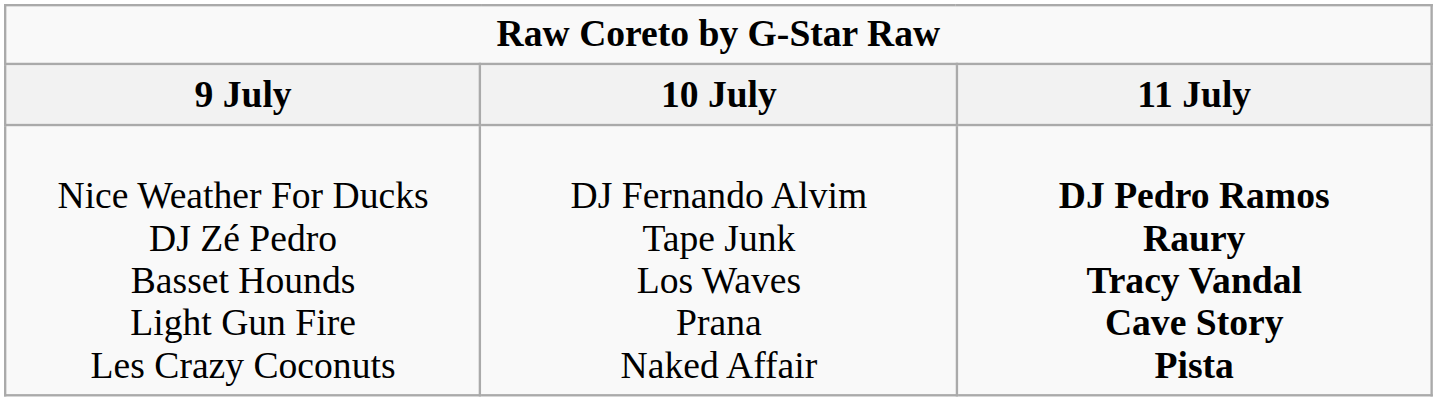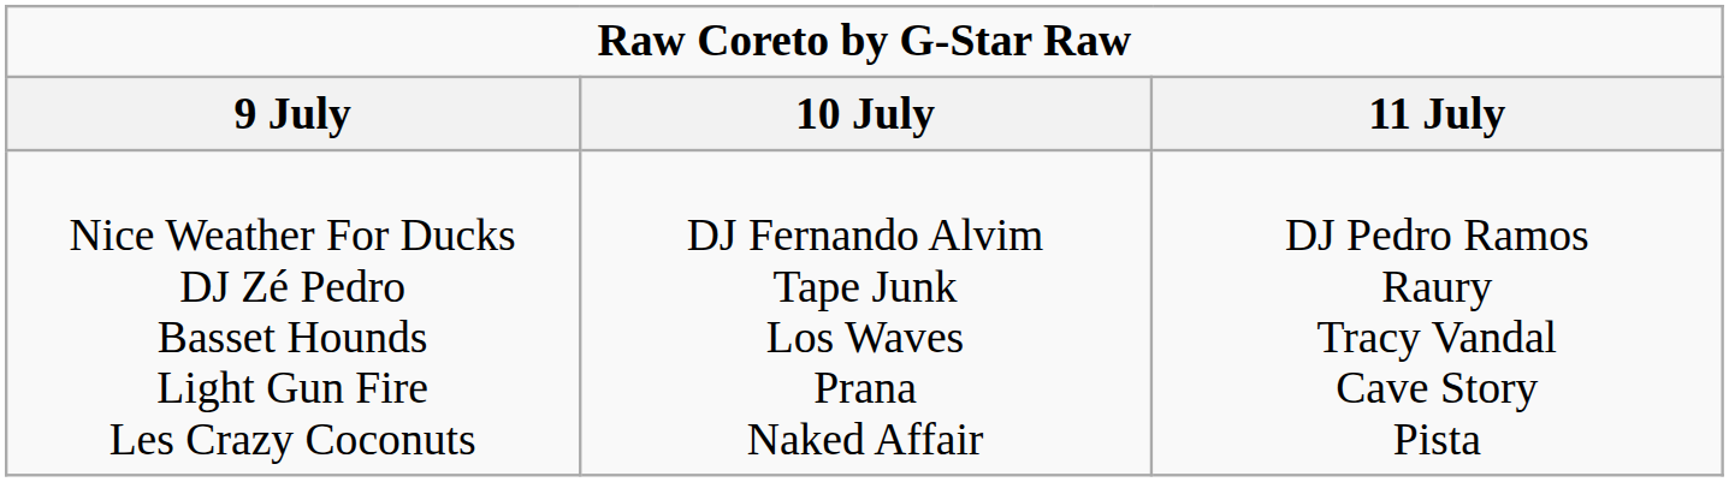 <table class="wikitable">
 <tr>
 <td align="center" colspan="4"><strong>Raw Coreto by G-Star Raw</strong></td>
 </tr>
 <tr>
 <th>9 July</th>
 <th>10 July</th>
 <th>11 July</th>
 </tr>
 <tr>
 <td width="200" align="center" valign="top"><br>Nice Weather For Ducks<br>DJ Zé Pedro<br>Basset Hounds<br>Light Gun Fire<br>Les Crazy Coconuts</td>
 <td width="200" align="center" valign="top"><br>DJ Fernando Alvim<br>Tape Junk<br>Los Waves<br>Prana<br>Naked Affair</td>
-<td width="200" align="center" valign="top"><strong><br>DJ Pedro Ramos<br>Raury<br>Tracy Vandal<br>Cave Story<br>Pista</strong></td>
+<td width="200" align="center" valign="top"><br>DJ Pedro Ramos<br>Raury<br>Tracy Vandal<br>Cave Story<br>Pista</td>
 </tr>
 </table>
